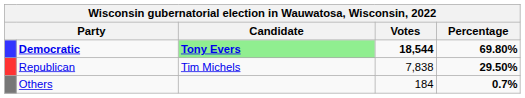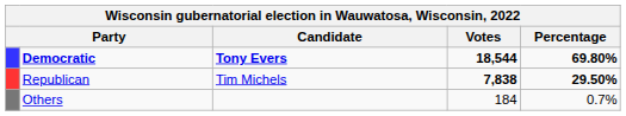 <table class="wikitable" style="font-size:95%;">
 <tr>
 <th colspan="7">Wisconsin gubernatorial election in Wauwatosa, Wisconsin, 2022</th>
 </tr>
 <tr>
 <th colspan="2" style="width: 15em">Party</th>
 <th style="width: 17em">Candidate</th>
 <th style="width: 5em">Votes</th>
 <th style="width: 7em">Percentage</th>
 </tr>
 <tr>
 <th style="background:#33f; width:3px;"></th>
 <td style="width: 130px"><strong><a href='#'>Democratic</a></strong></td>
-<td style="background: lightgreen;"><strong><a href='#'>Tony Evers</a></strong></td>
+<td><strong><a href='#'>Tony Evers</a></strong></td>
 <td style="text-align:right;"><strong>18,544</strong></td>
 <td style="text-align:right;"><strong>69.80%</strong></td>
 </tr>
 <tr>
 <th style="background:#f33; width:3px;"></th>
 <td style="width: 130px"><a href='#'>Republican</a></td>
 <td><a href='#'>Tim Michels</a></td>
-<td style="text-align:right;">7,838</td>
+<td style="text-align:right;"><strong>7,838</strong></td>
 <td style="text-align:right;"><strong>29.50%</strong></td>
 </tr>
 <tr>
 <th style="background:#777; width:3px;"></th>
 <td style="width: 130px"><a href='#'>Others</a></td>
 <td></td>
 <td style="text-align:right;">184</td>
-<td style="text-align:right;"><strong>0.7%</strong></td>
+<td style="text-align:right;">0.7%</td>
 </tr>
 </table>
